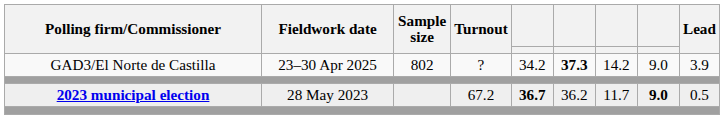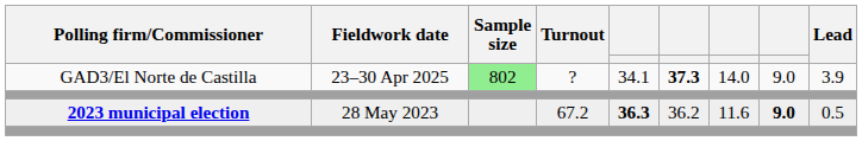 <table class="wikitable collapsible collapsed" style="text-align:center; font-size:95%; line-height:16px;">
 <tr style="height:42px;">
 <th style="width:250px;" rowspan="2">Polling firm/Commissioner</th>
 <th style="width:125px;" rowspan="2">Fieldwork date</th>
 <th style="width:50px;" rowspan="2">Sample size</th>
 <th style="width:45px;" rowspan="2">Turnout</th>
 <th style="width:35px;"></th>
 <th style="width:35px;"></th>
 <th style="width:35px;"></th>
 <th style="width:35px;"></th>
 <th style="width:30px;" rowspan="2">Lead</th>
 </tr>
 <tr>
 <th style="color:inherit;background:"></th>
 <th style="color:inherit;background:"></th>
 <th style="color:inherit;background:"></th>
 <th style="color:inherit;background:"></th>
 </tr>
 <tr>
 <td>GAD3/El Norte de Castilla</td>
 <td>23–30 Apr 2025</td>
-<td>802</td>
+<td style="background: lightgreen;">802</td>
 <td>?</td>
-<td>34.2<br></td>
+<td>34.1<br></td>
 <td><strong>37.3</strong><br></td>
-<td>14.2<br></td>
+<td>14.0<br></td>
 <td>9.0<br></td>
 <td style="background:">3.9</td>
 </tr>
 <tr>
 <td colspan="10" style="background:#A0A0A0"></td>
 </tr>
 <tr style="background:#EFEFEF;">
 <td><strong><a href='#'>2023 municipal election</a></strong></td>
 <td>28 May 2023</td>
 <td></td>
 <td>67.2</td>
-<td><strong>36.7</strong><br></td>
+<td><strong>36.3</strong><br></td>
 <td>36.2<br></td>
-<td>11.7<br></td>
+<td>11.6<br></td>
 <td><strong>9.0<br></strong></td>
 <td style="background:">0.5</td>
 </tr>
 <tr>
 <td colspan="10" style="background:#A0A0A0"></td>
 </tr>
 </table>
